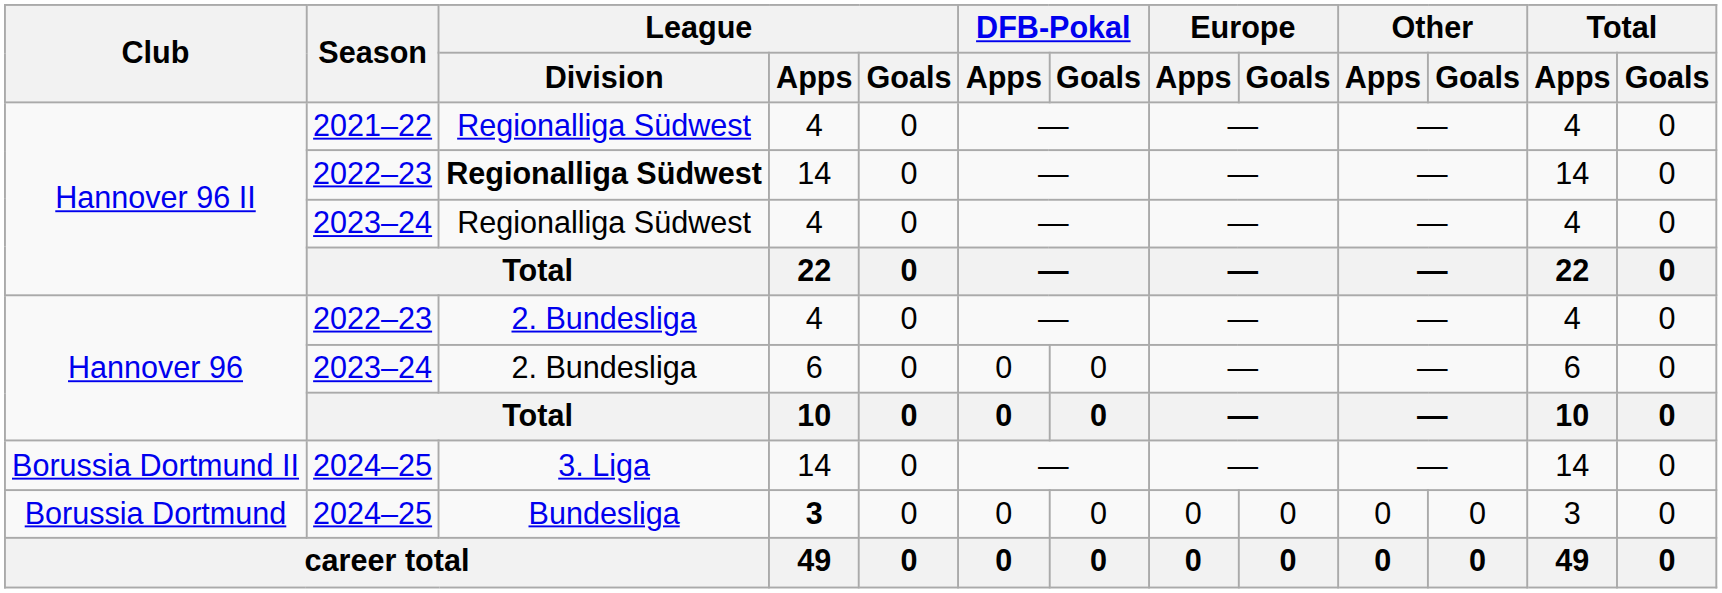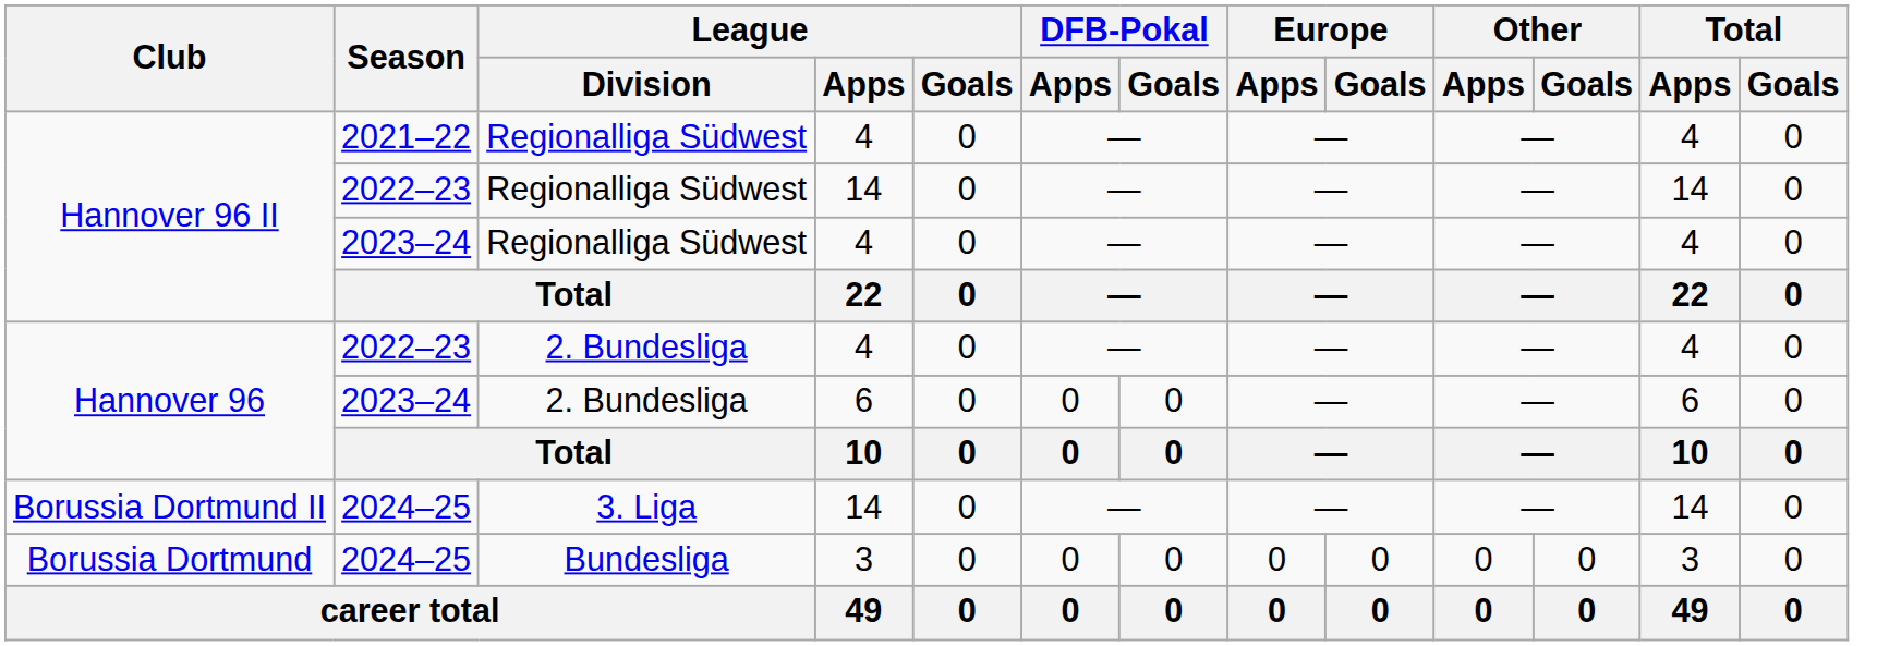 <table class=wikitable style=text-align:center>
 <tr>
 <th rowspan=2>Club</th>
 <th rowspan=2>Season</th>
 <th colspan=3>League</th>
 <th colspan=2><a href='#'>DFB-Pokal</a></th>
 <th colspan=2>Europe</th>
 <th colspan=2>Other</th>
 <th colspan=2>Total</th>
 </tr>
 <tr>
 <th>Division</th>
 <th>Apps</th>
 <th>Goals</th>
 <th>Apps</th>
 <th>Goals</th>
 <th>Apps</th>
 <th>Goals</th>
 <th>Apps</th>
 <th>Goals</th>
 <th>Apps</th>
 <th>Goals</th>
 </tr>
 <tr>
 <td rowspan="4"><a href='#'>Hannover 96 II</a></td>
 <td><a href='#'>2021–22</a></td>
 <td><a href='#'>Regionalliga Südwest</a></td>
 <td>4</td>
 <td>0</td>
 <td colspan="2">—</td>
 <td colspan="2">—</td>
 <td colspan="2">—</td>
 <td>4</td>
 <td>0</td>
 </tr>
 <tr>
 <td><a href='#'>2022–23</a></td>
-<td><strong>Regionalliga Südwest</strong></td>
+<td>Regionalliga Südwest</td>
 <td>14</td>
 <td>0</td>
 <td colspan="2">—</td>
 <td colspan="2">—</td>
 <td colspan="2">—</td>
 <td>14</td>
 <td>0</td>
 </tr>
 <tr>
 <td><a href='#'>2023–24</a></td>
 <td>Regionalliga Südwest</td>
 <td>4</td>
 <td>0</td>
 <td colspan="2">—</td>
 <td colspan="2">—</td>
 <td colspan="2">—</td>
 <td>4</td>
 <td>0</td>
 </tr>
 <tr>
 <th colspan="2">Total</th>
 <th>22</th>
 <th>0</th>
 <th colspan="2">—</th>
 <th colspan="2">—</th>
 <th colspan="2">—</th>
 <th>22</th>
 <th>0</th>
 </tr>
 <tr>
 <td rowspan="3"><a href='#'>Hannover 96</a></td>
 <td><a href='#'>2022–23</a></td>
 <td><a href='#'>2. Bundesliga</a></td>
 <td>4</td>
 <td>0</td>
 <td colspan="2">—</td>
 <td colspan="2">—</td>
 <td colspan="2">—</td>
 <td>4</td>
 <td>0</td>
 </tr>
 <tr>
 <td><a href='#'>2023–24</a></td>
 <td>2. Bundesliga</td>
 <td>6</td>
 <td>0</td>
 <td>0</td>
 <td>0</td>
 <td colspan="2">—</td>
 <td colspan="2">—</td>
 <td>6</td>
 <td>0</td>
 </tr>
 <tr>
 <th colspan="2">Total</th>
 <th>10</th>
 <th>0</th>
 <th>0</th>
 <th>0</th>
 <th colspan="2">—</th>
 <th colspan="2">—</th>
 <th>10</th>
 <th>0</th>
 </tr>
 <tr>
 <td><a href='#'>Borussia Dortmund II</a></td>
 <td><a href='#'>2024–25</a></td>
 <td><a href='#'>3. Liga</a></td>
 <td>14</td>
 <td>0</td>
 <td colspan="2">—</td>
 <td colspan="2">—</td>
 <td colspan="2">—</td>
 <td>14</td>
 <td>0</td>
 </tr>
 <tr>
 <td><a href='#'>Borussia Dortmund</a></td>
 <td><a href='#'>2024–25</a></td>
 <td><a href='#'>Bundesliga</a></td>
-<td><strong>3</strong></td>
+<td>3</td>
 <td>0</td>
 <td>0</td>
 <td>0</td>
 <td>0</td>
 <td>0</td>
 <td>0</td>
 <td>0</td>
 <td>3</td>
 <td>0</td>
 </tr>
 <tr>
 <th colspan="3">career total</th>
 <th>49</th>
 <th>0</th>
 <th>0</th>
 <th>0</th>
 <th>0</th>
 <th>0</th>
 <th>0</th>
 <th>0</th>
 <th>49</th>
 <th>0</th>
 </tr>
 </table>
